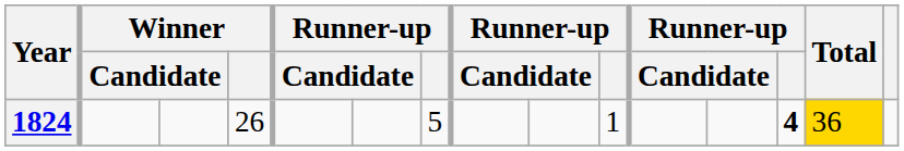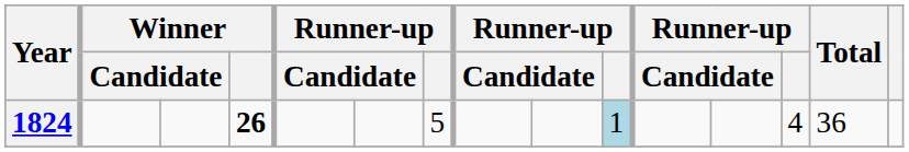 <table class="wikitable">
 <tr>
 <th scope=col rowspan="2">Year</th>
 <th scope=col colspan="3" style="border-left:3px solid darkgray;">Winner</th>
 <th scope=col colspan="3" style="border-left:3px solid darkgray;">Runner-up</th>
 <th scope=col colspan="3" style="border-left:3px solid darkgray;">Runner-up</th>
 <th scope=col colspan="3" style="border-left:3px solid darkgray;">Runner-up</th>
 <th scope="col" rowspan="2">Total<br></th>
 <th scope="col" class="unsortable" rowspan="2"></th>
 </tr>
 <tr>
 <th scope="col" style="border-left:3px solid darkgray;" colspan="2">Candidate</th>
 <th scope="col" data-sort-type="number"></th>
 <th scope="col" style="border-left:3px solid darkgray;" colspan="2">Candidate</th>
 <th scope="col" data-sort-type="number"></th>
 <th scope="col" style="border-left:3px solid darkgray;" colspan="2">Candidate</th>
 <th></th>
 <th scope="col" style="border-left:3px solid darkgray;" colspan="2">Candidate</th>
 <th></th>
 </tr>
 <tr>
 <th scope="row"> <a href='#'>1824</a></th>
 <td style="text-align:left; border-left:3px solid darkgray; background-color:"></td>
 <td><strong></strong> </td>
-<td>26</td>
+<td><strong>26</strong></td>
 <td style="text-align:left; border-left:3px solid darkgray; background-color:"></td>
 <td> </td>
 <td>5</td>
 <td style="text-align:left; border-left:3px solid darkgray; background-color:"></td>
 <td> </td>
-<td>1</td>
+<td style="background: lightblue;">1</td>
 <td style="text-align:left; border-left:3px solid darkgray; background-color:"></td>
 <td> </td>
-<td><strong>4</strong></td>
-<td style="background: gold;">36</td>
+<td>4</td>
+<td>36</td>
 <td></td>
 </tr>
 </table>
